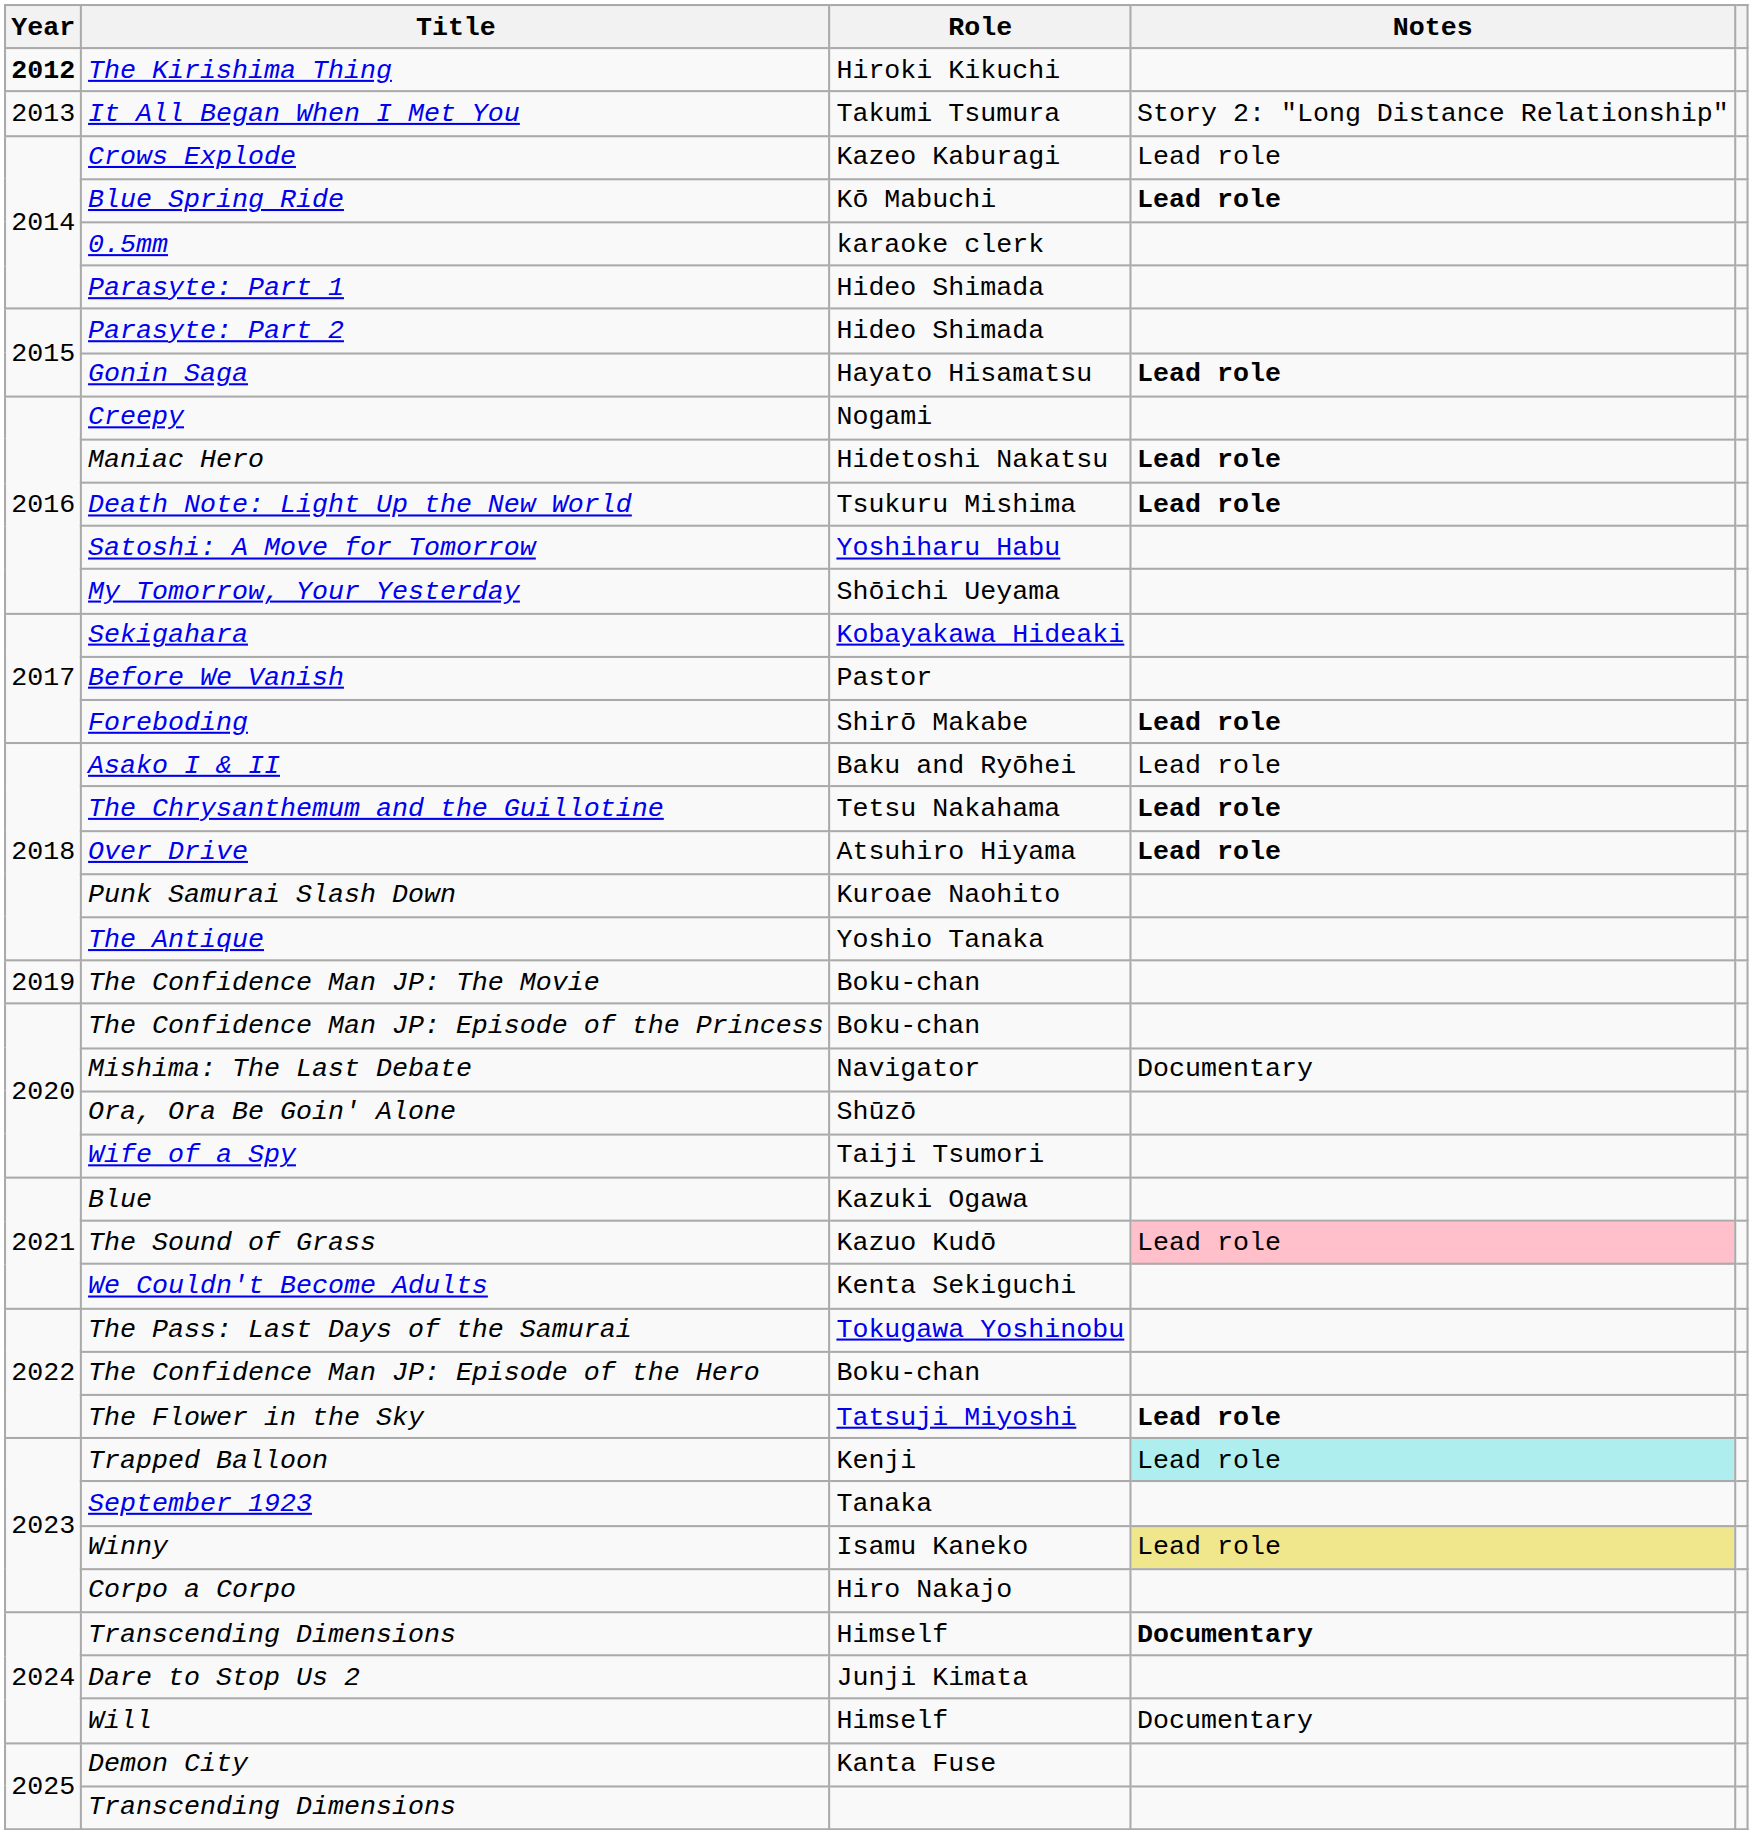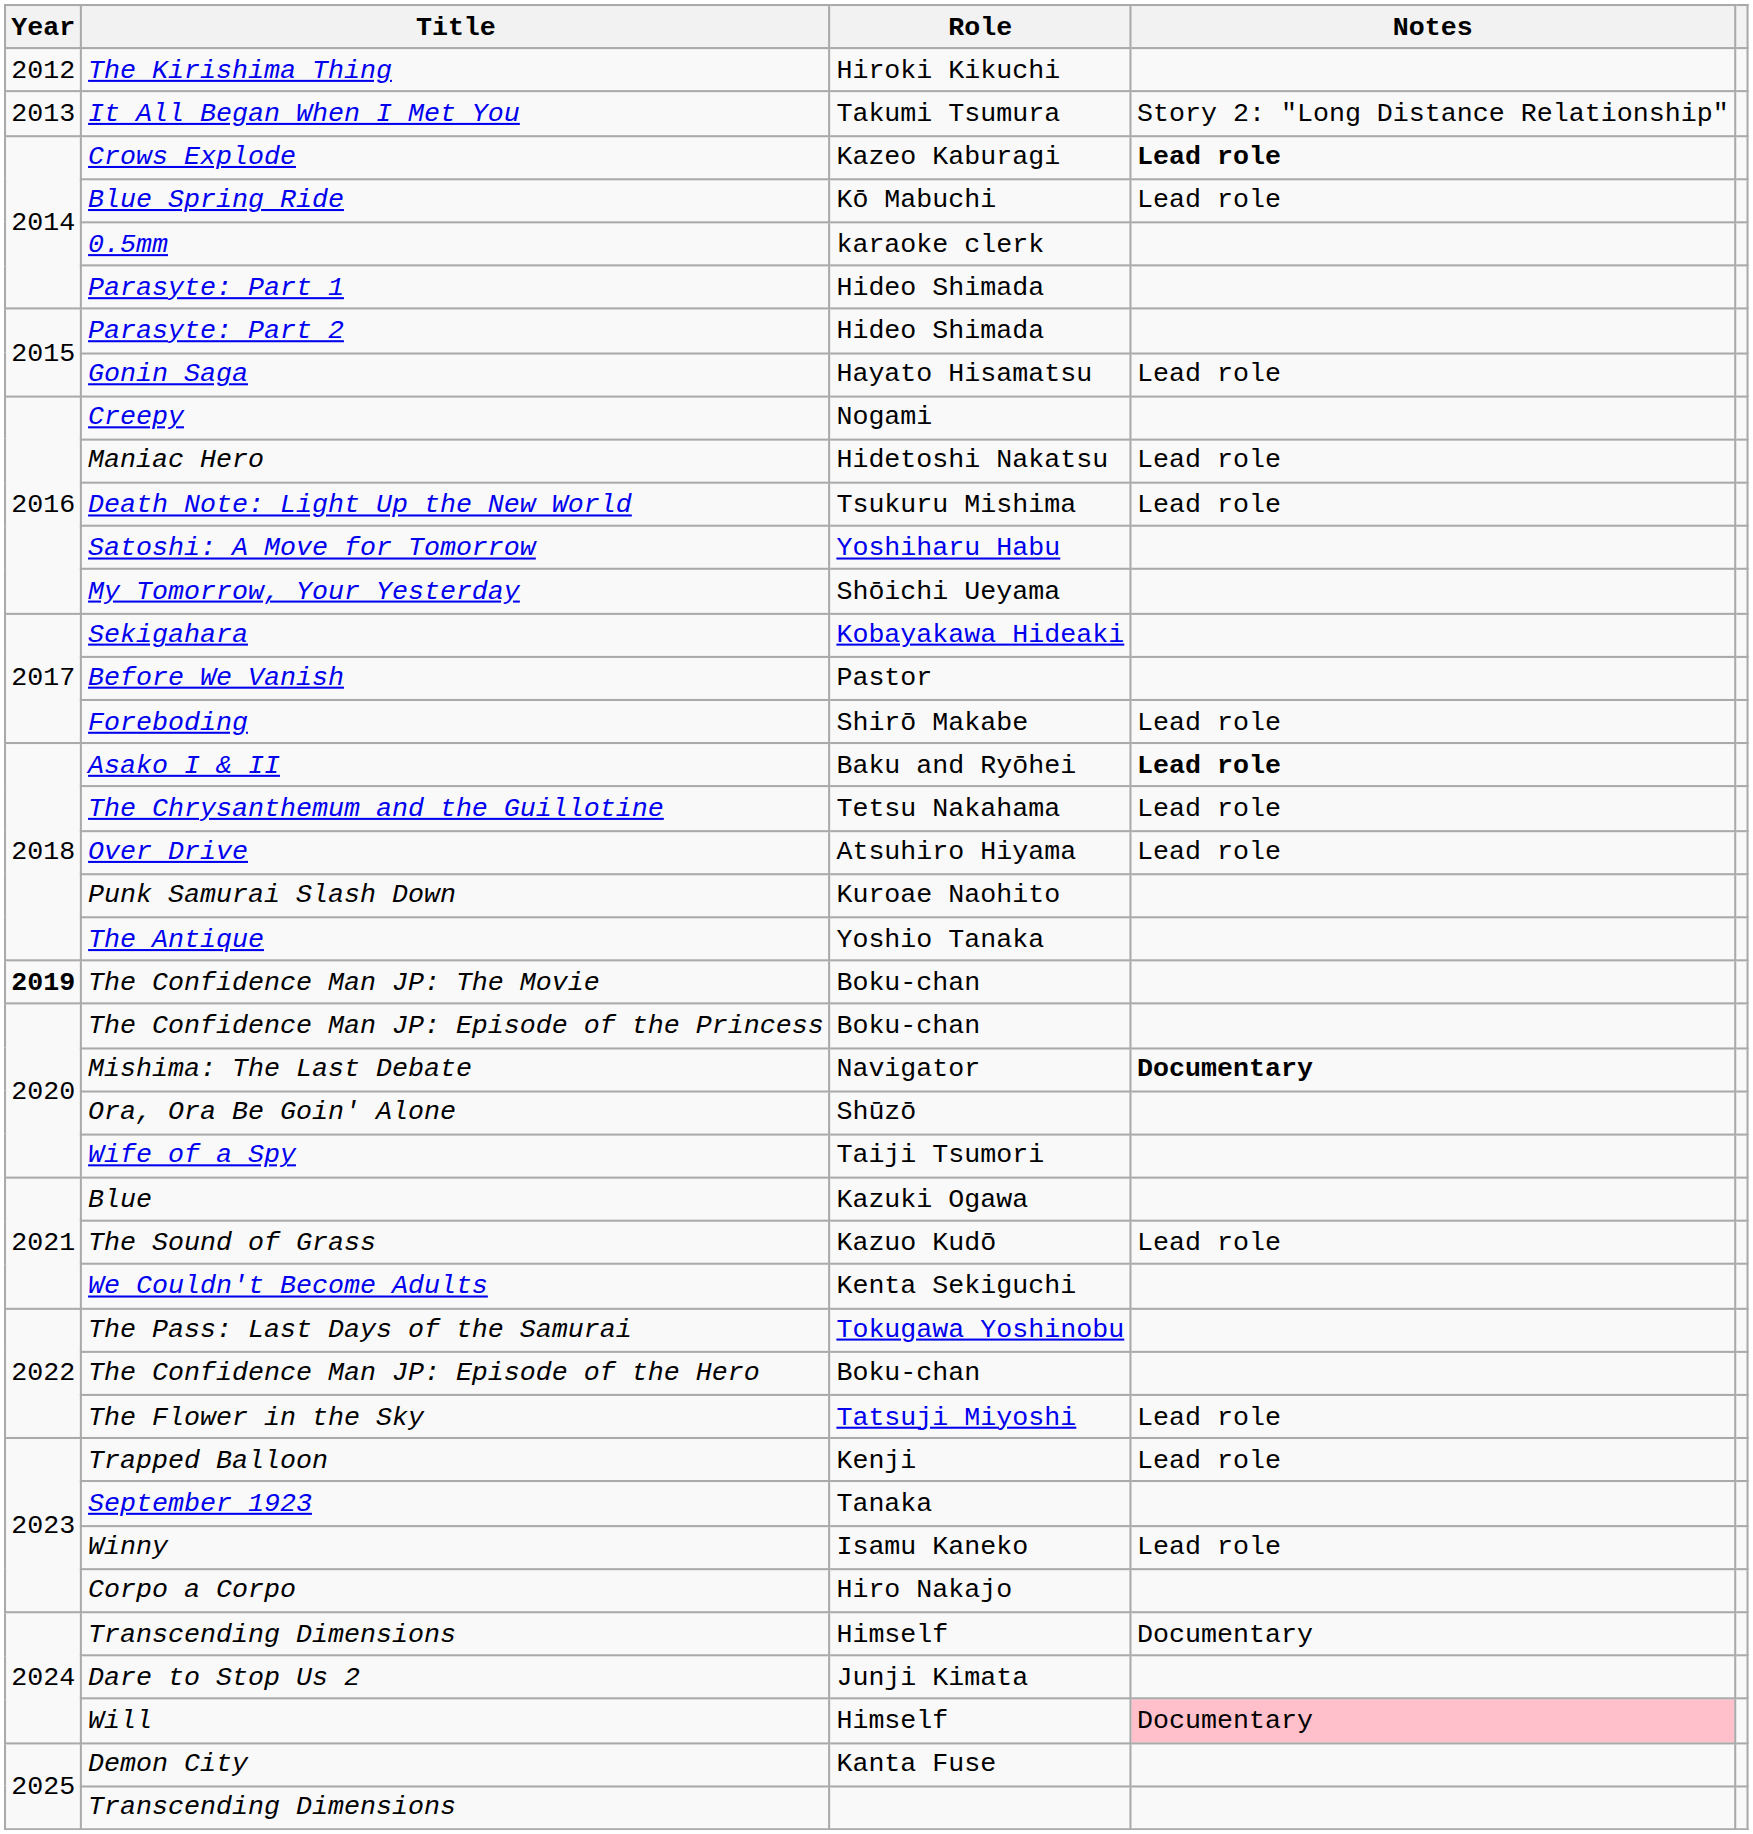 <table class="wikitable sortable">
 <tr>
 <th>Year</th>
 <th>Title</th>
 <th>Role</th>
 <th>Notes</th>
 <th class="unsortable"></th>
 </tr>
 <tr>
-<td><strong>2012</strong></td>
+<td>2012</td>
 <td><em><a href='#'>The Kirishima Thing</a></em></td>
 <td>Hiroki Kikuchi</td>
 <td></td>
 <td></td>
 </tr>
 <tr>
 <td>2013</td>
 <td><em><a href='#'>It All Began When I Met You</a></em></td>
 <td>Takumi Tsumura</td>
 <td>Story 2: "Long Distance Relationship"</td>
 <td></td>
 </tr>
 <tr>
 <td rowspan=4>2014</td>
 <td><em><a href='#'>Crows Explode</a></em></td>
 <td>Kazeo Kaburagi</td>
-<td>Lead role</td>
+<td><strong>Lead role</strong></td>
 <td></td>
 </tr>
 <tr>
 <td><em><a href='#'>Blue Spring Ride</a></em></td>
 <td>Kō Mabuchi</td>
-<td><strong>Lead role</strong></td>
+<td>Lead role</td>
 <td></td>
 </tr>
 <tr>
 <td><em><a href='#'>0.5mm</a></em></td>
 <td>karaoke clerk</td>
 <td></td>
 <td></td>
 </tr>
 <tr>
 <td><em><a href='#'>Parasyte: Part 1</a></em></td>
 <td>Hideo Shimada</td>
 <td></td>
 <td></td>
 </tr>
 <tr>
 <td rowspan=2>2015</td>
 <td><em><a href='#'>Parasyte: Part 2</a></em></td>
 <td>Hideo Shimada</td>
 <td></td>
 <td></td>
 </tr>
 <tr>
 <td><em><a href='#'>Gonin Saga</a></em></td>
 <td>Hayato Hisamatsu</td>
-<td><strong>Lead role</strong></td>
+<td>Lead role</td>
 <td></td>
 </tr>
 <tr>
 <td rowspan=5>2016</td>
 <td><em><a href='#'>Creepy</a></em></td>
 <td>Nogami</td>
 <td></td>
 <td></td>
 </tr>
 <tr>
 <td><em>Maniac Hero</em></td>
 <td>Hidetoshi Nakatsu</td>
-<td><strong>Lead role</strong></td>
+<td>Lead role</td>
 <td></td>
 </tr>
 <tr>
 <td><em><a href='#'>Death Note: Light Up the New World</a></em></td>
 <td>Tsukuru Mishima</td>
-<td><strong>Lead role</strong></td>
+<td>Lead role</td>
 <td></td>
 </tr>
 <tr>
 <td><em><a href='#'>Satoshi: A Move for Tomorrow</a></em></td>
 <td><a href='#'>Yoshiharu Habu</a></td>
 <td></td>
 <td></td>
 </tr>
 <tr>
 <td><em><a href='#'>My Tomorrow, Your Yesterday</a></em></td>
 <td>Shōichi Ueyama</td>
 <td></td>
 <td></td>
 </tr>
 <tr>
 <td rowspan=3>2017</td>
 <td><em><a href='#'>Sekigahara</a></em></td>
 <td><a href='#'>Kobayakawa Hideaki</a></td>
 <td></td>
 <td></td>
 </tr>
 <tr>
 <td><em><a href='#'>Before We Vanish</a></em></td>
 <td>Pastor</td>
 <td></td>
 <td></td>
 </tr>
 <tr>
 <td><em><a href='#'>Foreboding</a></em></td>
 <td>Shirō Makabe</td>
-<td><strong>Lead role</strong></td>
+<td>Lead role</td>
 <td></td>
 </tr>
 <tr>
 <td rowspan=5>2018</td>
 <td><em><a href='#'>Asako I & II</a></em></td>
 <td>Baku and Ryōhei</td>
-<td>Lead role</td>
+<td><strong>Lead role</strong></td>
 <td></td>
 </tr>
 <tr>
 <td><em><a href='#'>The Chrysanthemum and the Guillotine</a></em></td>
 <td>Tetsu Nakahama</td>
-<td><strong>Lead role</strong></td>
+<td>Lead role</td>
 <td></td>
 </tr>
 <tr>
 <td><em><a href='#'>Over Drive</a></em></td>
 <td>Atsuhiro Hiyama</td>
-<td><strong>Lead role</strong></td>
+<td>Lead role</td>
 <td></td>
 </tr>
 <tr>
 <td><em>Punk Samurai Slash Down</em></td>
 <td>Kuroae Naohito</td>
 <td></td>
 <td></td>
 </tr>
 <tr>
 <td><em><a href='#'>The Antique</a></em></td>
 <td>Yoshio Tanaka</td>
 <td></td>
 <td></td>
 </tr>
 <tr>
-<td rowspan=1>2019</td>
+<td rowspan=1><strong>2019</strong></td>
 <td><em>The Confidence Man JP: The Movie</em></td>
 <td>Boku-chan</td>
 <td></td>
 <td></td>
 </tr>
 <tr>
 <td rowspan=4>2020</td>
 <td><em>The Confidence Man JP: Episode of the Princess</em></td>
 <td>Boku-chan</td>
 <td></td>
 <td></td>
 </tr>
 <tr>
 <td><em>Mishima: The Last Debate</em></td>
 <td>Navigator</td>
-<td>Documentary</td>
+<td><strong>Documentary</strong></td>
 <td></td>
 </tr>
 <tr>
 <td><em>Ora, Ora Be Goin' Alone</em></td>
 <td>Shūzō</td>
 <td></td>
 <td></td>
 </tr>
 <tr>
 <td><em><a href='#'>Wife of a Spy</a></em></td>
 <td>Taiji Tsumori</td>
 <td></td>
 <td></td>
 </tr>
 <tr>
 <td rowspan=3>2021</td>
 <td><em>Blue</em></td>
 <td>Kazuki Ogawa</td>
 <td></td>
 <td></td>
 </tr>
 <tr>
 <td><em>The Sound of Grass</em></td>
 <td>Kazuo Kudō</td>
-<td style="background: pink;">Lead role</td>
+<td>Lead role</td>
 <td></td>
 </tr>
 <tr>
 <td><em><a href='#'>We Couldn't Become Adults</a></em></td>
 <td>Kenta Sekiguchi</td>
 <td></td>
 <td></td>
 </tr>
 <tr>
 <td rowspan=3>2022</td>
 <td><em>The Pass: Last Days of the Samurai</em></td>
 <td><a href='#'>Tokugawa Yoshinobu</a></td>
 <td></td>
 <td></td>
 </tr>
 <tr>
 <td><em>The Confidence Man JP: Episode of the Hero</em></td>
 <td>Boku-chan</td>
 <td></td>
 <td></td>
 </tr>
 <tr>
 <td><em>The Flower in the Sky</em></td>
 <td><a href='#'>Tatsuji Miyoshi</a></td>
-<td><strong>Lead role</strong></td>
+<td>Lead role</td>
 <td></td>
 </tr>
 <tr>
 <td rowspan=4>2023</td>
 <td><em>Trapped Balloon</em></td>
 <td>Kenji</td>
-<td style="background: paleturquoise;">Lead role</td>
+<td>Lead role</td>
 <td></td>
 </tr>
 <tr>
 <td><em><a href='#'>September 1923</a></em></td>
 <td>Tanaka</td>
 <td></td>
 <td></td>
 </tr>
 <tr>
 <td><em>Winny</em></td>
 <td>Isamu Kaneko</td>
-<td style="background: khaki;">Lead role</td>
+<td>Lead role</td>
 <td></td>
 </tr>
 <tr>
 <td><em>Corpo a Corpo</em></td>
 <td>Hiro Nakajo</td>
 <td></td>
 <td></td>
 </tr>
 <tr>
 <td rowspan=3>2024</td>
 <td><em>Transcending Dimensions</em></td>
 <td>Himself</td>
-<td><strong>Documentary</strong></td>
+<td>Documentary</td>
 <td></td>
 </tr>
 <tr>
 <td><em>Dare to Stop Us 2</em></td>
 <td>Junji Kimata</td>
 <td></td>
 <td></td>
 </tr>
 <tr>
 <td><em>Will</em></td>
 <td>Himself</td>
-<td>Documentary</td>
+<td style="background: pink;">Documentary</td>
 <td></td>
 </tr>
 <tr>
 <td rowspan="2">2025</td>
 <td><em>Demon City</em></td>
 <td>Kanta Fuse</td>
 <td></td>
 <td></td>
 </tr>
 <tr>
 <td><em>Transcending Dimensions</em></td>
 <td></td>
 <td></td>
 <td></td>
 </tr>
 <tr>
 </tr>
 </table>
